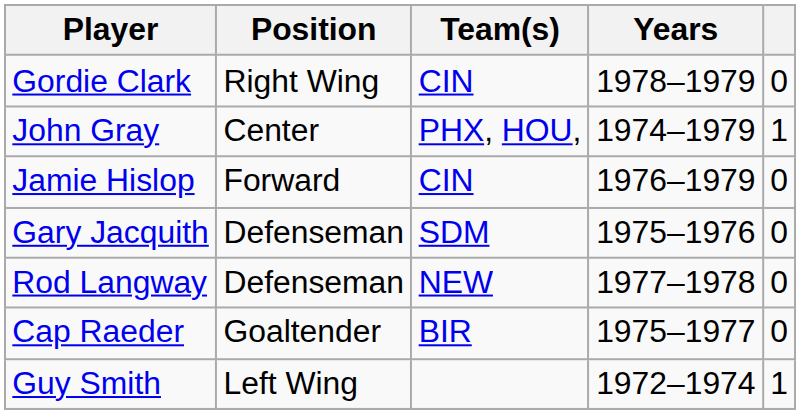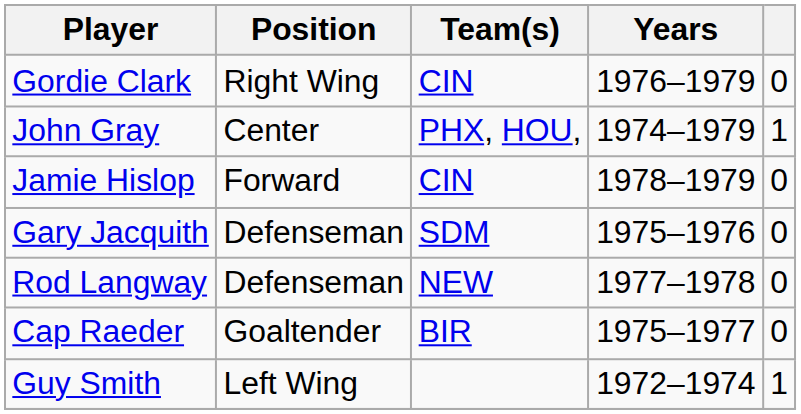 <table class="wikitable">
 <tr>
 <th>Player</th>
 <th>Position</th>
 <th>Team(s)</th>
 <th>Years</th>
 <th><a href='#'></a></th>
 </tr>
 <tr>
 <td><a href='#'>Gordie Clark</a></td>
 <td>Right Wing</td>
 <td><a href='#'>CIN</a></td>
-<td>1978–1979</td>
+<td>1976–1979</td>
 <td>0</td>
 </tr>
 <tr>
 <td><a href='#'>John Gray</a></td>
 <td>Center</td>
 <td><a href='#'>PHX</a>, <a href='#'>HOU</a>, <span><strong></strong></span></td>
 <td>1974–1979</td>
 <td>1</td>
 </tr>
 <tr>
 <td><a href='#'>Jamie Hislop</a></td>
 <td>Forward</td>
 <td><a href='#'>CIN</a></td>
-<td>1976–1979</td>
+<td>1978–1979</td>
 <td>0</td>
 </tr>
 <tr>
 <td><a href='#'>Gary Jacquith</a></td>
 <td>Defenseman</td>
 <td><a href='#'>SDM</a></td>
 <td>1975–1976</td>
 <td>0</td>
 </tr>
 <tr>
 <td><a href='#'>Rod Langway</a></td>
 <td>Defenseman</td>
 <td><a href='#'>NEW</a></td>
 <td>1977–1978</td>
 <td>0</td>
 </tr>
 <tr>
 <td><a href='#'>Cap Raeder</a></td>
 <td>Goaltender</td>
 <td><a href='#'>BIR</a></td>
 <td>1975–1977</td>
 <td>0</td>
 </tr>
 <tr>
 <td><a href='#'>Guy Smith</a></td>
 <td>Left Wing</td>
 <td><span><strong></strong></span></td>
 <td>1972–1974</td>
 <td>1</td>
 </tr>
 <tr>
 </tr>
 </table>
